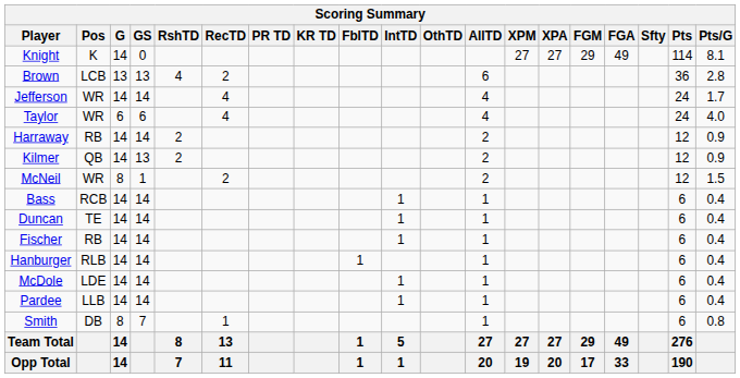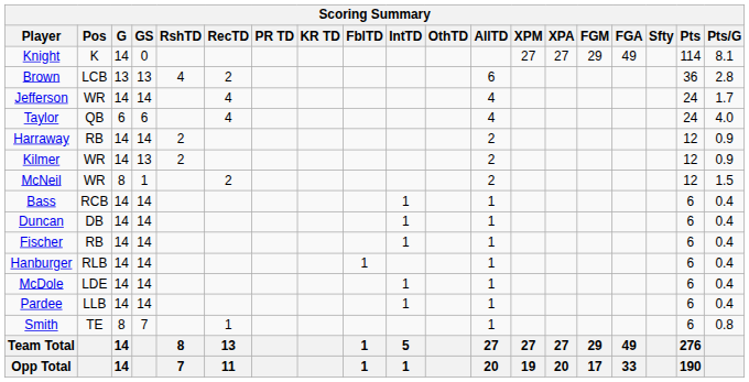 <table class="wikitable" style="text-align:center">
 <tr>
 <th colspan="19">Scoring Summary</th>
 </tr>
 <tr>
 <th>Player</th>
 <th>Pos</th>
 <th>G</th>
 <th>GS</th>
 <th>RshTD</th>
 <th>RecTD</th>
 <th>PR TD</th>
 <th>KR TD</th>
 <th>FblTD</th>
 <th>IntTD</th>
 <th>OthTD</th>
 <th>AllTD</th>
 <th>XPM</th>
 <th>XPA</th>
 <th>FGM</th>
 <th>FGA</th>
 <th>Sfty</th>
 <th>Pts</th>
 <th>Pts/G</th>
 </tr>
 <tr>
 <td><a href='#'>Knight</a></td>
 <td>K</td>
 <td>14</td>
 <td>0</td>
 <td></td>
 <td></td>
 <td></td>
 <td></td>
 <td></td>
 <td></td>
 <td></td>
 <td></td>
 <td>27</td>
 <td>27</td>
 <td>29</td>
 <td>49</td>
 <td></td>
 <td>114</td>
 <td>8.1</td>
 </tr>
 <tr>
 <td><a href='#'>Brown</a></td>
 <td>LCB</td>
 <td>13</td>
 <td>13</td>
 <td>4</td>
 <td>2</td>
 <td></td>
 <td></td>
 <td></td>
 <td></td>
 <td></td>
 <td>6</td>
 <td></td>
 <td></td>
 <td></td>
 <td></td>
 <td></td>
 <td>36</td>
 <td>2.8</td>
 </tr>
 <tr>
 <td><a href='#'>Jefferson</a></td>
 <td>WR</td>
 <td>14</td>
 <td>14</td>
 <td></td>
 <td>4</td>
 <td></td>
 <td></td>
 <td></td>
 <td></td>
 <td></td>
 <td>4</td>
 <td></td>
 <td></td>
 <td></td>
 <td></td>
 <td></td>
 <td>24</td>
 <td>1.7</td>
 </tr>
 <tr>
 <td><a href='#'>Taylor</a></td>
-<td>WR</td>
+<td>QB</td>
 <td>6</td>
 <td>6</td>
 <td></td>
 <td>4</td>
 <td></td>
 <td></td>
 <td></td>
 <td></td>
 <td></td>
 <td>4</td>
 <td></td>
 <td></td>
 <td></td>
 <td></td>
 <td></td>
 <td>24</td>
 <td>4.0</td>
 </tr>
 <tr>
 <td><a href='#'>Harraway</a></td>
 <td>RB</td>
 <td>14</td>
 <td>14</td>
 <td>2</td>
 <td></td>
 <td></td>
 <td></td>
 <td></td>
 <td></td>
 <td></td>
 <td>2</td>
 <td></td>
 <td></td>
 <td></td>
 <td></td>
 <td></td>
 <td>12</td>
 <td>0.9</td>
 </tr>
 <tr>
 <td><a href='#'>Kilmer</a></td>
-<td>QB</td>
+<td>WR</td>
 <td>14</td>
 <td>13</td>
 <td>2</td>
 <td></td>
 <td></td>
 <td></td>
 <td></td>
 <td></td>
 <td></td>
 <td>2</td>
 <td></td>
 <td></td>
 <td></td>
 <td></td>
 <td></td>
 <td>12</td>
 <td>0.9</td>
 </tr>
 <tr>
 <td><a href='#'>McNeil</a></td>
 <td>WR</td>
 <td>8</td>
 <td>1</td>
 <td></td>
 <td>2</td>
 <td></td>
 <td></td>
 <td></td>
 <td></td>
 <td></td>
 <td>2</td>
 <td></td>
 <td></td>
 <td></td>
 <td></td>
 <td></td>
 <td>12</td>
 <td>1.5</td>
 </tr>
 <tr>
 <td><a href='#'>Bass</a></td>
 <td>RCB</td>
 <td>14</td>
 <td>14</td>
 <td></td>
 <td></td>
 <td></td>
 <td></td>
 <td></td>
 <td>1</td>
 <td></td>
 <td>1</td>
 <td></td>
 <td></td>
 <td></td>
 <td></td>
 <td></td>
 <td>6</td>
 <td>0.4</td>
 </tr>
 <tr>
 <td><a href='#'>Duncan</a></td>
-<td>TE</td>
+<td>DB</td>
 <td>14</td>
 <td>14</td>
 <td></td>
 <td></td>
 <td></td>
 <td></td>
 <td></td>
 <td>1</td>
 <td></td>
 <td>1</td>
 <td></td>
 <td></td>
 <td></td>
 <td></td>
 <td></td>
 <td>6</td>
 <td>0.4</td>
 </tr>
 <tr>
 <td><a href='#'>Fischer</a></td>
 <td>RB</td>
 <td>14</td>
 <td>14</td>
 <td></td>
 <td></td>
 <td></td>
 <td></td>
 <td></td>
 <td>1</td>
 <td></td>
 <td>1</td>
 <td></td>
 <td></td>
 <td></td>
 <td></td>
 <td></td>
 <td>6</td>
 <td>0.4</td>
 </tr>
 <tr>
 <td><a href='#'>Hanburger</a></td>
 <td>RLB</td>
 <td>14</td>
 <td>14</td>
 <td></td>
 <td></td>
 <td></td>
 <td></td>
 <td>1</td>
 <td></td>
 <td></td>
 <td>1</td>
 <td></td>
 <td></td>
 <td></td>
 <td></td>
 <td></td>
 <td>6</td>
 <td>0.4</td>
 </tr>
 <tr>
 <td><a href='#'>McDole</a></td>
 <td>LDE</td>
 <td>14</td>
 <td>14</td>
 <td></td>
 <td></td>
 <td></td>
 <td></td>
 <td></td>
 <td>1</td>
 <td></td>
 <td>1</td>
 <td></td>
 <td></td>
 <td></td>
 <td></td>
 <td></td>
 <td>6</td>
 <td>0.4</td>
 </tr>
 <tr>
 <td><a href='#'>Pardee</a></td>
 <td>LLB</td>
 <td>14</td>
 <td>14</td>
 <td></td>
 <td></td>
 <td></td>
 <td></td>
 <td></td>
 <td>1</td>
 <td></td>
 <td>1</td>
 <td></td>
 <td></td>
 <td></td>
 <td></td>
 <td></td>
 <td>6</td>
 <td>0.4</td>
 </tr>
 <tr>
 <td><a href='#'>Smith</a></td>
-<td>DB</td>
+<td>TE</td>
 <td>8</td>
 <td>7</td>
 <td></td>
 <td>1</td>
 <td></td>
 <td></td>
 <td></td>
 <td></td>
 <td></td>
 <td>1</td>
 <td></td>
 <td></td>
 <td></td>
 <td></td>
 <td></td>
 <td>6</td>
 <td>0.8</td>
 </tr>
 <tr>
 <th>Team Total</th>
 <th></th>
 <th>14</th>
 <th></th>
 <th>8</th>
 <th>13</th>
 <th></th>
 <th></th>
 <th>1</th>
 <th>5</th>
 <th></th>
 <th>27</th>
 <th>27</th>
 <th>27</th>
 <th>29</th>
 <th>49</th>
 <th></th>
 <th>276</th>
 <th></th>
 </tr>
 <tr>
 <th>Opp Total</th>
 <th></th>
 <th>14</th>
 <th></th>
 <th>7</th>
 <th>11</th>
 <th></th>
 <th></th>
 <th>1</th>
 <th>1</th>
 <th></th>
 <th>20</th>
 <th>19</th>
 <th>20</th>
 <th>17</th>
 <th>33</th>
 <th></th>
 <th>190</th>
 <th></th>
 </tr>
 </table>
